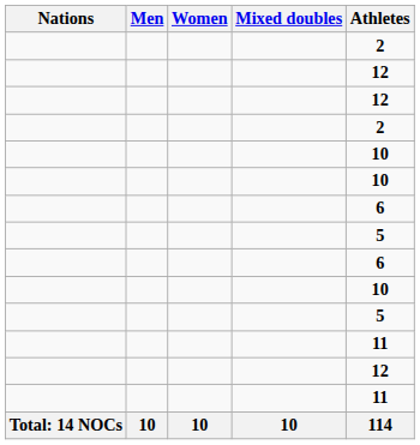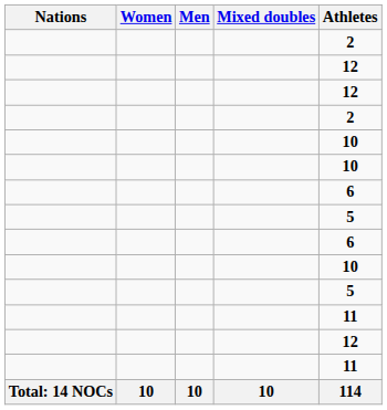 <table class="wikitable sortable" style="text-align:center;">
 <tr>
 <th>Nations</th>
+<th><a href='#'>Women</a></th>
 <th><a href='#'>Men</a></th>
-<th><a href='#'>Women</a></th>
 <th><a href='#'>Mixed doubles</a></th>
 <th>Athletes</th>
 </tr>
 <tr>
 <td align="left"></td>
 <td></td>
 <td></td>
 <td></td>
 <td><strong>2</strong></td>
 </tr>
 <tr>
 <td align="left"></td>
 <td></td>
 <td></td>
 <td></td>
 <td><strong>12</strong></td>
 </tr>
 <tr>
 <td align="left"></td>
 <td></td>
 <td></td>
 <td></td>
 <td><strong>12</strong></td>
 </tr>
 <tr>
 <td align="left"></td>
 <td></td>
 <td></td>
 <td></td>
 <td><strong>2</strong></td>
 </tr>
 <tr>
 <td align="left"></td>
 <td></td>
 <td></td>
 <td></td>
 <td><strong>10</strong></td>
 </tr>
 <tr>
 <td align="left"></td>
 <td></td>
 <td></td>
 <td></td>
 <td><strong>10</strong></td>
 </tr>
 <tr>
 <td align="left"></td>
 <td></td>
 <td></td>
 <td></td>
 <td><strong>6</strong></td>
 </tr>
 <tr>
 <td align="left"></td>
 <td></td>
 <td></td>
 <td></td>
 <td><strong>5</strong></td>
 </tr>
 <tr>
 <td align="left"></td>
 <td></td>
 <td></td>
 <td></td>
 <td><strong>6</strong></td>
 </tr>
 <tr>
 <td align="left"></td>
 <td></td>
 <td></td>
 <td></td>
 <td><strong>10</strong></td>
 </tr>
 <tr>
 <td align="left"></td>
 <td></td>
 <td></td>
 <td></td>
 <td><strong>5</strong></td>
 </tr>
 <tr>
 <td align="left"></td>
 <td></td>
 <td></td>
 <td></td>
 <td><strong>11</strong></td>
 </tr>
 <tr>
 <td align="left"></td>
 <td></td>
 <td></td>
 <td></td>
 <td><strong>12</strong></td>
 </tr>
 <tr>
 <td align="left"></td>
 <td></td>
 <td></td>
 <td></td>
 <td><strong>11</strong></td>
 </tr>
 <tr>
 <th>Total: 14 NOCs</th>
 <th>10</th>
 <th>10</th>
 <th>10</th>
 <th>114</th>
 </tr>
 </table>
